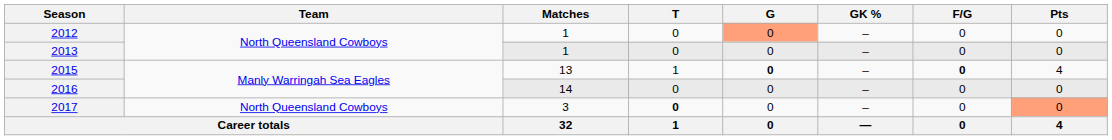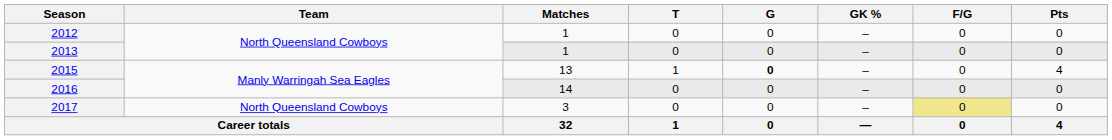 <table class="wikitable sortable"  style="font-size:90%; text-align:center; width:85%;">
 <tr>
 <th width=2%>Season</th>
 <th width=8%>Team</th>
 <th width=2%>Matches</th>
 <th width=2%>T</th>
 <th width=2%>G</th>
 <th width=2%>GK %</th>
 <th width=2%>F/G</th>
 <th width=2%>Pts</th>
 </tr>
 <tr>
 <th scope="row" style="text-align:center; font-weight:normal"><a href='#'>2012</a></th>
 <td rowspan="2" style="text-align:center;"> <a href='#'>North Queensland Cowboys</a></td>
 <td>1</td>
 <td>0</td>
-<td style="background: lightsalmon;">0</td>
+<td>0</td>
 <td>–</td>
 <td>0</td>
 <td>0</td>
 </tr>
 <tr style="background:#eaeaea;">
 <th scope="row" style="text-align:center; font-weight:normal"><a href='#'>2013</a></th>
 <td>1</td>
 <td>0</td>
 <td>0</td>
 <td>–</td>
 <td>0</td>
 <td>0</td>
 </tr>
 <tr>
 <th scope="row" style="text-align:center; font-weight:normal"><a href='#'>2015</a></th>
 <td rowspan="2" style="text-align:center;"> <a href='#'>Manly Warringah Sea Eagles</a></td>
 <td>13</td>
 <td>1</td>
 <td><strong>0</strong></td>
 <td>–</td>
-<td><strong>0</strong></td>
+<td>0</td>
 <td>4</td>
 </tr>
 <tr style="background:#eaeaea;">
 <th scope="row" style="text-align:center; font-weight:normal"><a href='#'>2016</a></th>
 <td>14</td>
 <td>0</td>
 <td>0</td>
 <td>–</td>
 <td>0</td>
 <td>0</td>
 </tr>
 <tr>
 <th scope="row" style="text-align:center; font-weight:normal"><a href='#'>2017</a></th>
 <td style="text-align:center;"> <a href='#'>North Queensland Cowboys</a></td>
 <td>3</td>
-<td><strong>0</strong></td>
+<td>0</td>
 <td>0</td>
 <td>–</td>
+<td style="background: khaki;">0</td>
 <td>0</td>
-<td style="background: lightsalmon;">0</td>
 </tr>
 <tr class="sortbottom">
 <th colspan=2>Career totals</th>
 <th>32</th>
 <th>1</th>
 <th>0</th>
 <th>—</th>
 <th>0</th>
 <th>4</th>
 </tr>
 </table>
